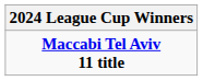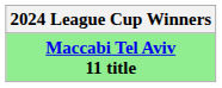 <table class=wikitable style="text-align:center; margin:auto">
 <tr>
 <th>2024 League Cup Winners</th>
 </tr>
 <tr>
-<td><strong><a href='#'>Maccabi Tel Aviv</a></strong> <br> <strong>11 title</strong></td>
+<td style="background: lightgreen;"><strong><a href='#'>Maccabi Tel Aviv</a></strong> <br> <strong>11 title</strong></td>
 </tr>
 </table>
